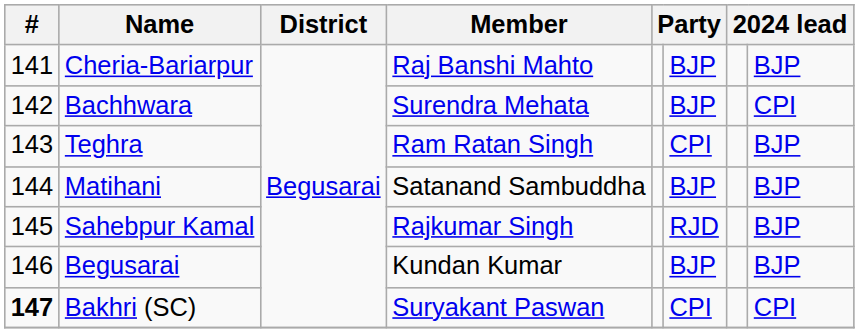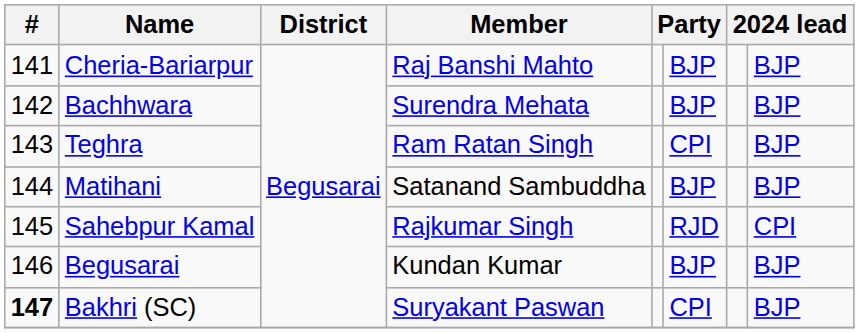 <table class="wikitable">
 <tr>
 <th>#</th>
 <th>Name</th>
 <th>District</th>
 <th>Member</th>
 <th colspan="2">Party</th>
 <th colspan="2">2024 lead</th>
 </tr>
 <tr>
 <td>141</td>
 <td><a href='#'>Cheria-Bariarpur</a></td>
 <td rowspan="7"><a href='#'>Begusarai</a></td>
 <td><a href='#'>Raj Banshi Mahto</a></td>
 <td style="background-color: "></td>
 <td><a href='#'>BJP</a></td>
 <td style="background-color: "></td>
 <td><a href='#'>BJP</a></td>
 </tr>
 <tr>
 <td>142</td>
 <td><a href='#'>Bachhwara</a></td>
 <td><a href='#'>Surendra Mehata</a></td>
 <td style="background-color: "></td>
 <td><a href='#'>BJP</a></td>
 <td style="background-color: "></td>
-<td><a href='#'>CPI</a></td>
+<td><a href='#'>BJP</a></td>
 </tr>
 <tr>
 <td>143</td>
 <td><a href='#'>Teghra</a></td>
 <td><a href='#'>Ram Ratan Singh</a></td>
 <td style="background-color: "></td>
 <td><a href='#'>CPI</a></td>
 <td style="background-color: "></td>
 <td><a href='#'>BJP</a></td>
 </tr>
 <tr>
 <td>144</td>
 <td><a href='#'>Matihani</a></td>
 <td>Satanand Sambuddha</td>
 <td style="background-color: "></td>
 <td><a href='#'>BJP</a></td>
 <td style="background-color: "></td>
 <td><a href='#'>BJP</a></td>
 </tr>
 <tr>
 <td>145</td>
 <td><a href='#'>Sahebpur Kamal</a></td>
 <td><a href='#'>Rajkumar Singh</a></td>
 <td style="background-color: "></td>
 <td><a href='#'>RJD</a></td>
 <td style="background-color: "></td>
-<td><a href='#'>BJP</a></td>
+<td><a href='#'>CPI</a></td>
 </tr>
 <tr>
 <td>146</td>
 <td><a href='#'>Begusarai</a></td>
 <td>Kundan Kumar</td>
 <td style="background-color: "></td>
 <td><a href='#'>BJP</a></td>
 <td style="background-color: "></td>
 <td><a href='#'>BJP</a></td>
 </tr>
 <tr>
 <td><strong>147</strong></td>
 <td><a href='#'>Bakhri</a> (SC)</td>
 <td><a href='#'>Suryakant Paswan</a></td>
 <td style="background-color: "></td>
 <td><a href='#'>CPI</a></td>
 <td style="background-color: "></td>
-<td><a href='#'>CPI</a></td>
+<td><a href='#'>BJP</a></td>
 </tr>
 <tr>
 </tr>
 </table>
